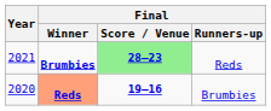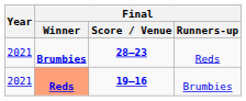 <table class="wikitable" style="text-align:center;">
 <tr>
 <th rowspan=2>Year</th>
 <th colspan=3>Final</th>
 </tr>
 <tr>
 <th>Winner</th>
 <th>Score / Venue</th>
 <th>Runners-up</th>
 </tr>
 <tr>
 <td><a href='#'>2021</a></td>
 <td><br> <strong><a href='#'>Brumbies</a></strong></td>
-<td style="background: lightgreen;"><strong><a href='#'>28–23</a></strong><br></td>
+<td><strong><a href='#'>28–23</a></strong><br></td>
 <td><br><a href='#'>Reds</a></td>
 </tr>
 <tr>
-<td><a href='#'>2020</a></td>
+<td><a href='#'>2021</a></td>
 <td style="background: lightsalmon;"><br><strong><a href='#'>Reds</a></strong></td>
 <td><strong><a href='#'>19–16</a></strong><br></td>
 <td><br><a href='#'>Brumbies</a></td>
 </tr>
 </table>
